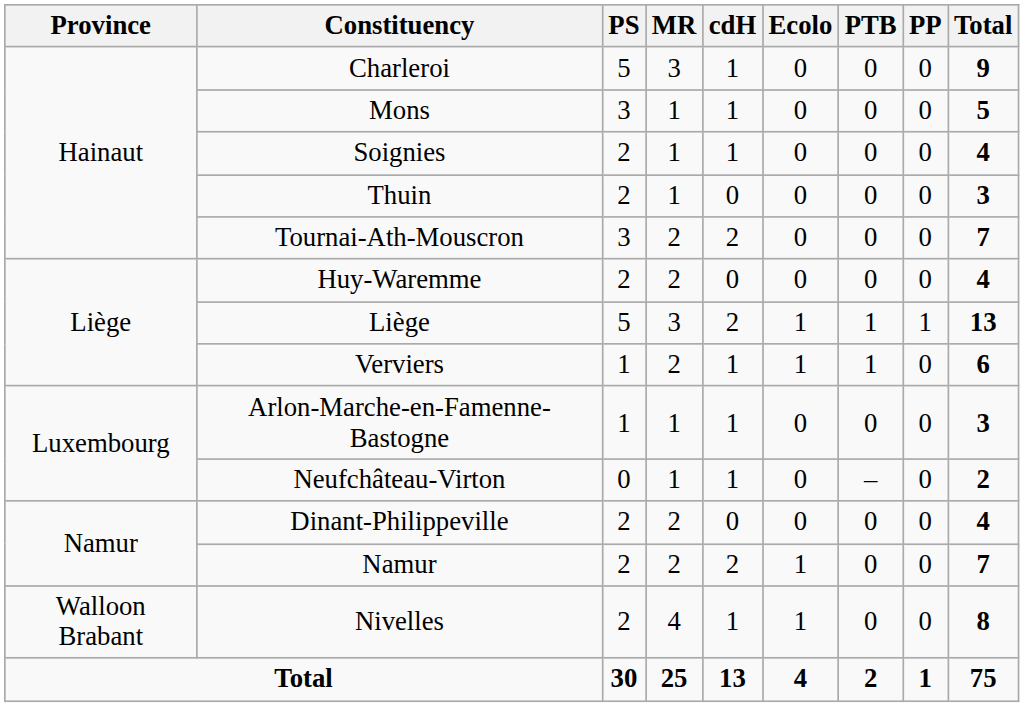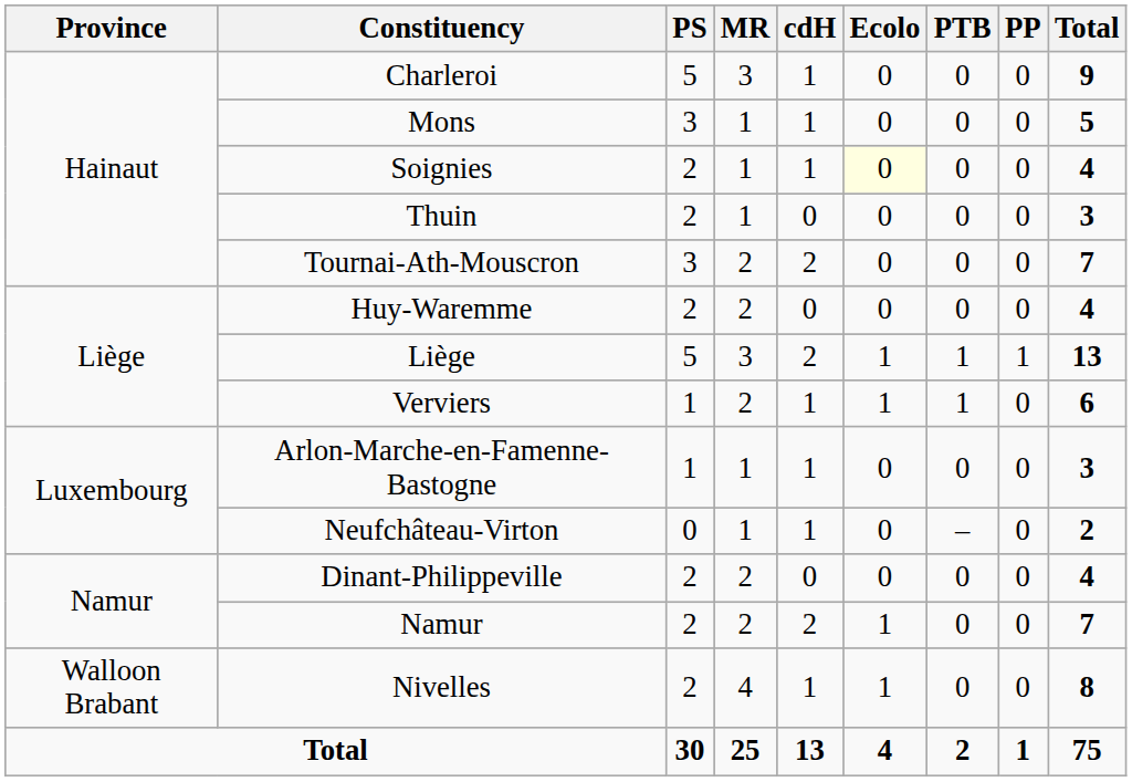 <table class="wikitable" style="text-align:center;">
 <tr>
 <th>Province</th>
 <th>Constituency</th>
 <th>PS</th>
 <th>MR</th>
 <th>cdH</th>
 <th>Ecolo</th>
 <th>PTB</th>
 <th>PP</th>
 <th>Total</th>
 </tr>
 <tr>
 <td rowspan="5">Hainaut</td>
 <td>Charleroi</td>
 <td>5</td>
 <td>3</td>
 <td>1</td>
 <td>0</td>
 <td>0</td>
 <td>0</td>
 <td><strong>9</strong></td>
 </tr>
 <tr>
 <td>Mons</td>
 <td>3</td>
 <td>1</td>
 <td>1</td>
 <td>0</td>
 <td>0</td>
 <td>0</td>
 <td><strong>5</strong></td>
 </tr>
 <tr>
 <td>Soignies</td>
 <td>2</td>
 <td>1</td>
 <td>1</td>
-<td>0</td>
+<td style="background: lightyellow;">0</td>
 <td>0</td>
 <td>0</td>
 <td><strong>4</strong></td>
 </tr>
 <tr>
 <td>Thuin</td>
 <td>2</td>
 <td>1</td>
 <td>0</td>
 <td>0</td>
 <td>0</td>
 <td>0</td>
 <td><strong>3</strong></td>
 </tr>
 <tr>
 <td>Tournai-Ath-Mouscron</td>
 <td>3</td>
 <td>2</td>
 <td>2</td>
 <td>0</td>
 <td>0</td>
 <td>0</td>
 <td><strong>7</strong></td>
 </tr>
 <tr>
 <td rowspan="3">Liège</td>
 <td>Huy-Waremme</td>
 <td>2</td>
 <td>2</td>
 <td>0</td>
 <td>0</td>
 <td>0</td>
 <td>0</td>
 <td><strong>4</strong></td>
 </tr>
 <tr>
 <td>Liège</td>
 <td>5</td>
 <td>3</td>
 <td>2</td>
 <td>1</td>
 <td>1</td>
 <td>1</td>
 <td><strong>13</strong></td>
 </tr>
 <tr>
 <td>Verviers</td>
 <td>1</td>
 <td>2</td>
 <td>1</td>
 <td>1</td>
 <td>1</td>
 <td>0</td>
 <td><strong>6</strong></td>
 </tr>
 <tr>
 <td rowspan="2">Luxembourg</td>
 <td>Arlon-Marche-en-Famenne-Bastogne</td>
 <td>1</td>
 <td>1</td>
 <td>1</td>
 <td>0</td>
 <td>0</td>
 <td>0</td>
 <td><strong>3</strong></td>
 </tr>
 <tr>
 <td>Neufchâteau-Virton</td>
 <td>0</td>
 <td>1</td>
 <td>1</td>
 <td>0</td>
 <td>–</td>
 <td>0</td>
 <td><strong>2</strong></td>
 </tr>
 <tr>
 <td rowspan="2">Namur</td>
 <td>Dinant-Philippeville</td>
 <td>2</td>
 <td>2</td>
 <td>0</td>
 <td>0</td>
 <td>0</td>
 <td>0</td>
 <td><strong>4</strong></td>
 </tr>
 <tr>
 <td>Namur</td>
 <td>2</td>
 <td>2</td>
 <td>2</td>
 <td>1</td>
 <td>0</td>
 <td>0</td>
 <td><strong>7</strong></td>
 </tr>
 <tr>
 <td>Walloon Brabant</td>
 <td>Nivelles</td>
 <td>2</td>
 <td>4</td>
 <td>1</td>
 <td>1</td>
 <td>0</td>
 <td>0</td>
 <td><strong>8</strong></td>
 </tr>
 <tr style="font-weight:bold;">
 <td colspan="2">Total</td>
 <td>30</td>
 <td>25</td>
 <td>13</td>
 <td>4</td>
 <td>2</td>
 <td>1</td>
 <td>75</td>
 </tr>
 </table>
